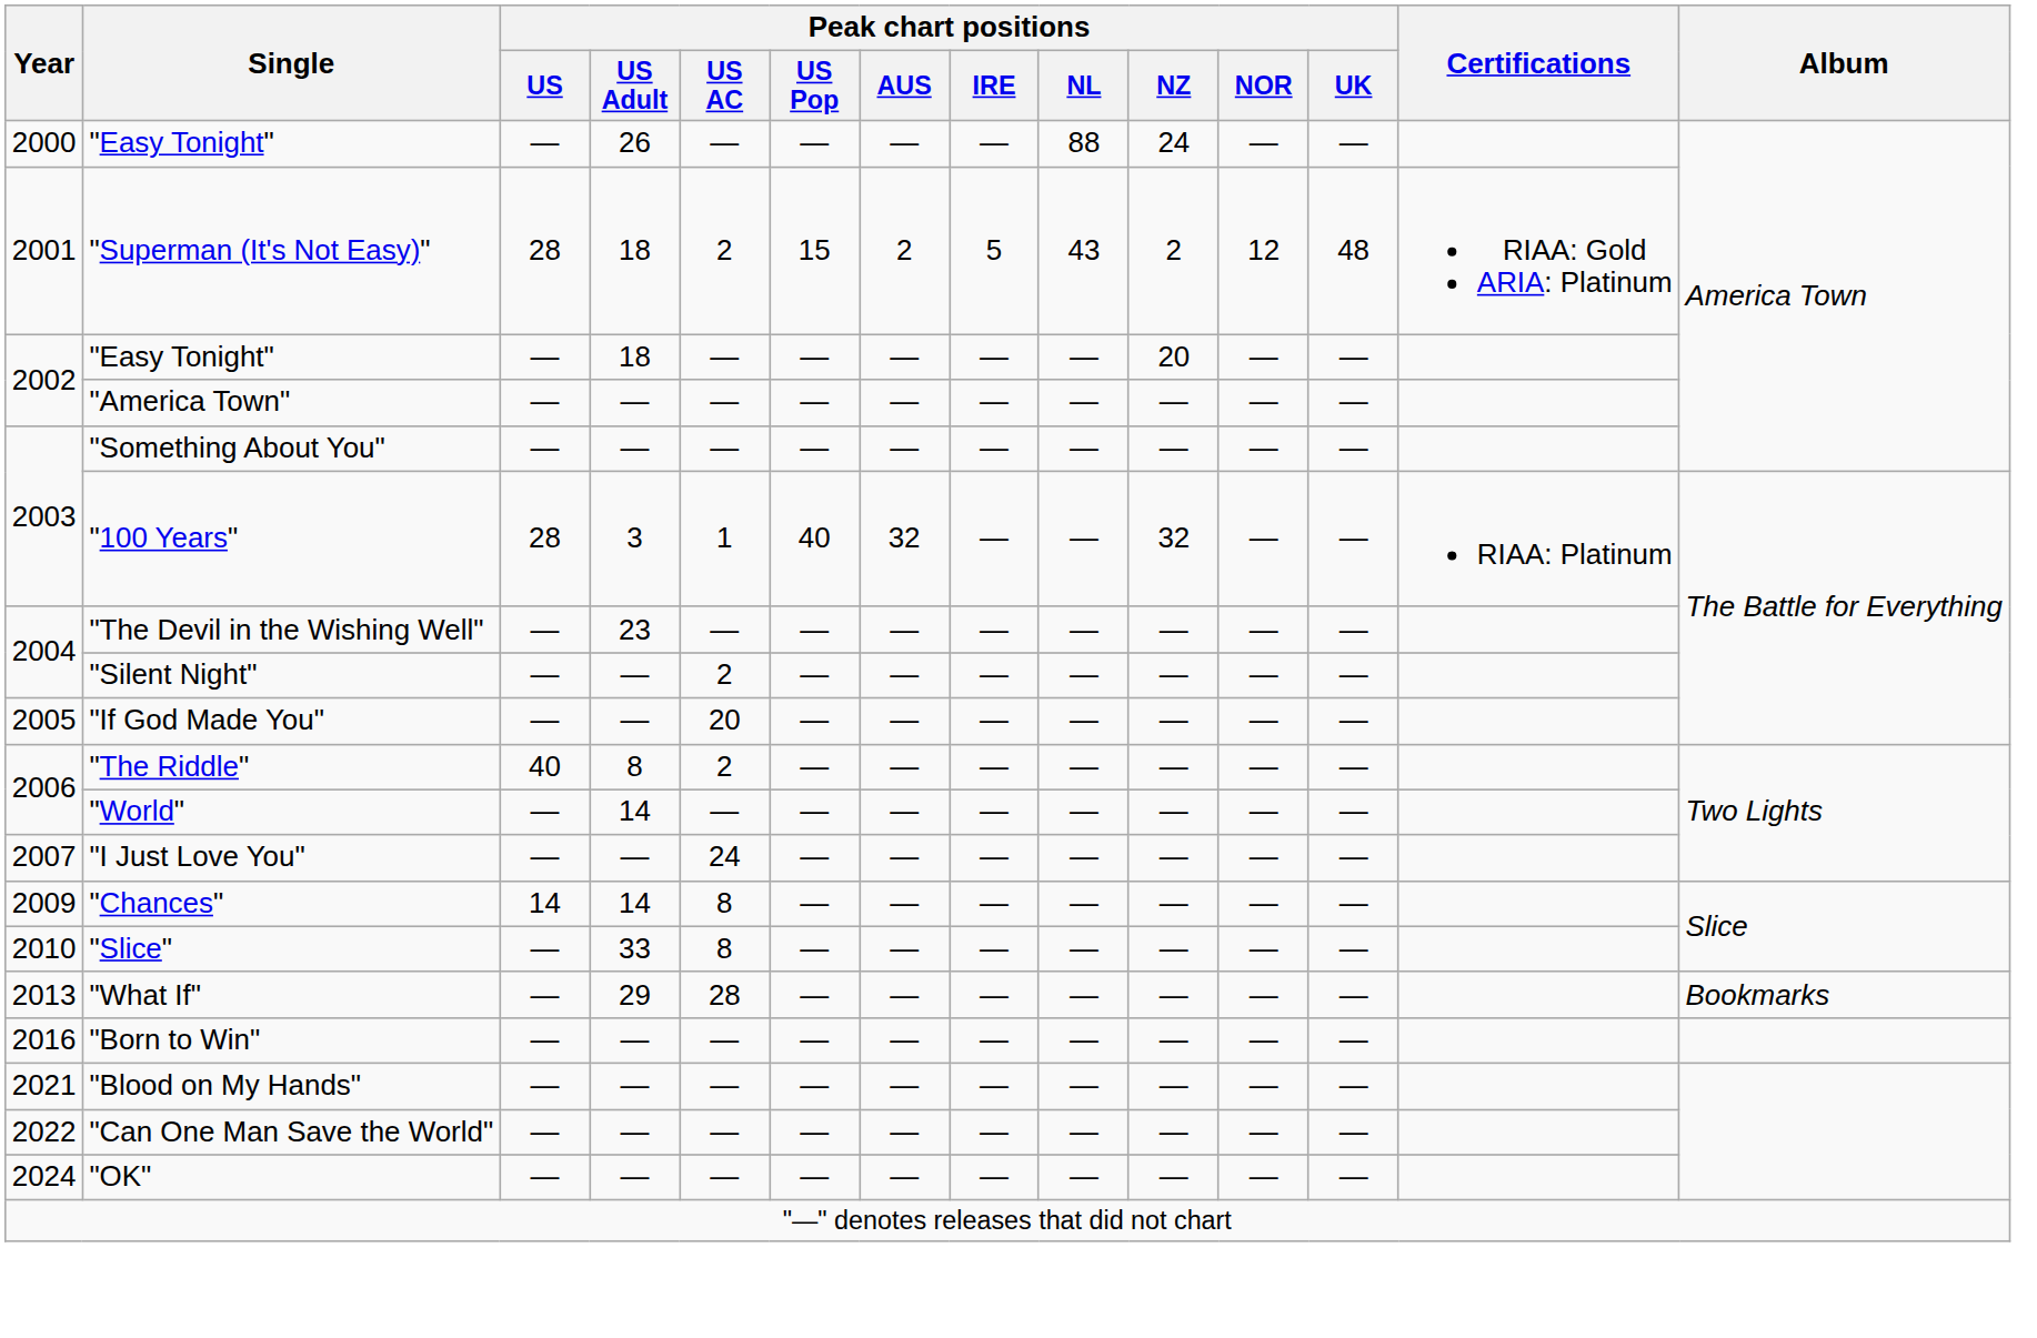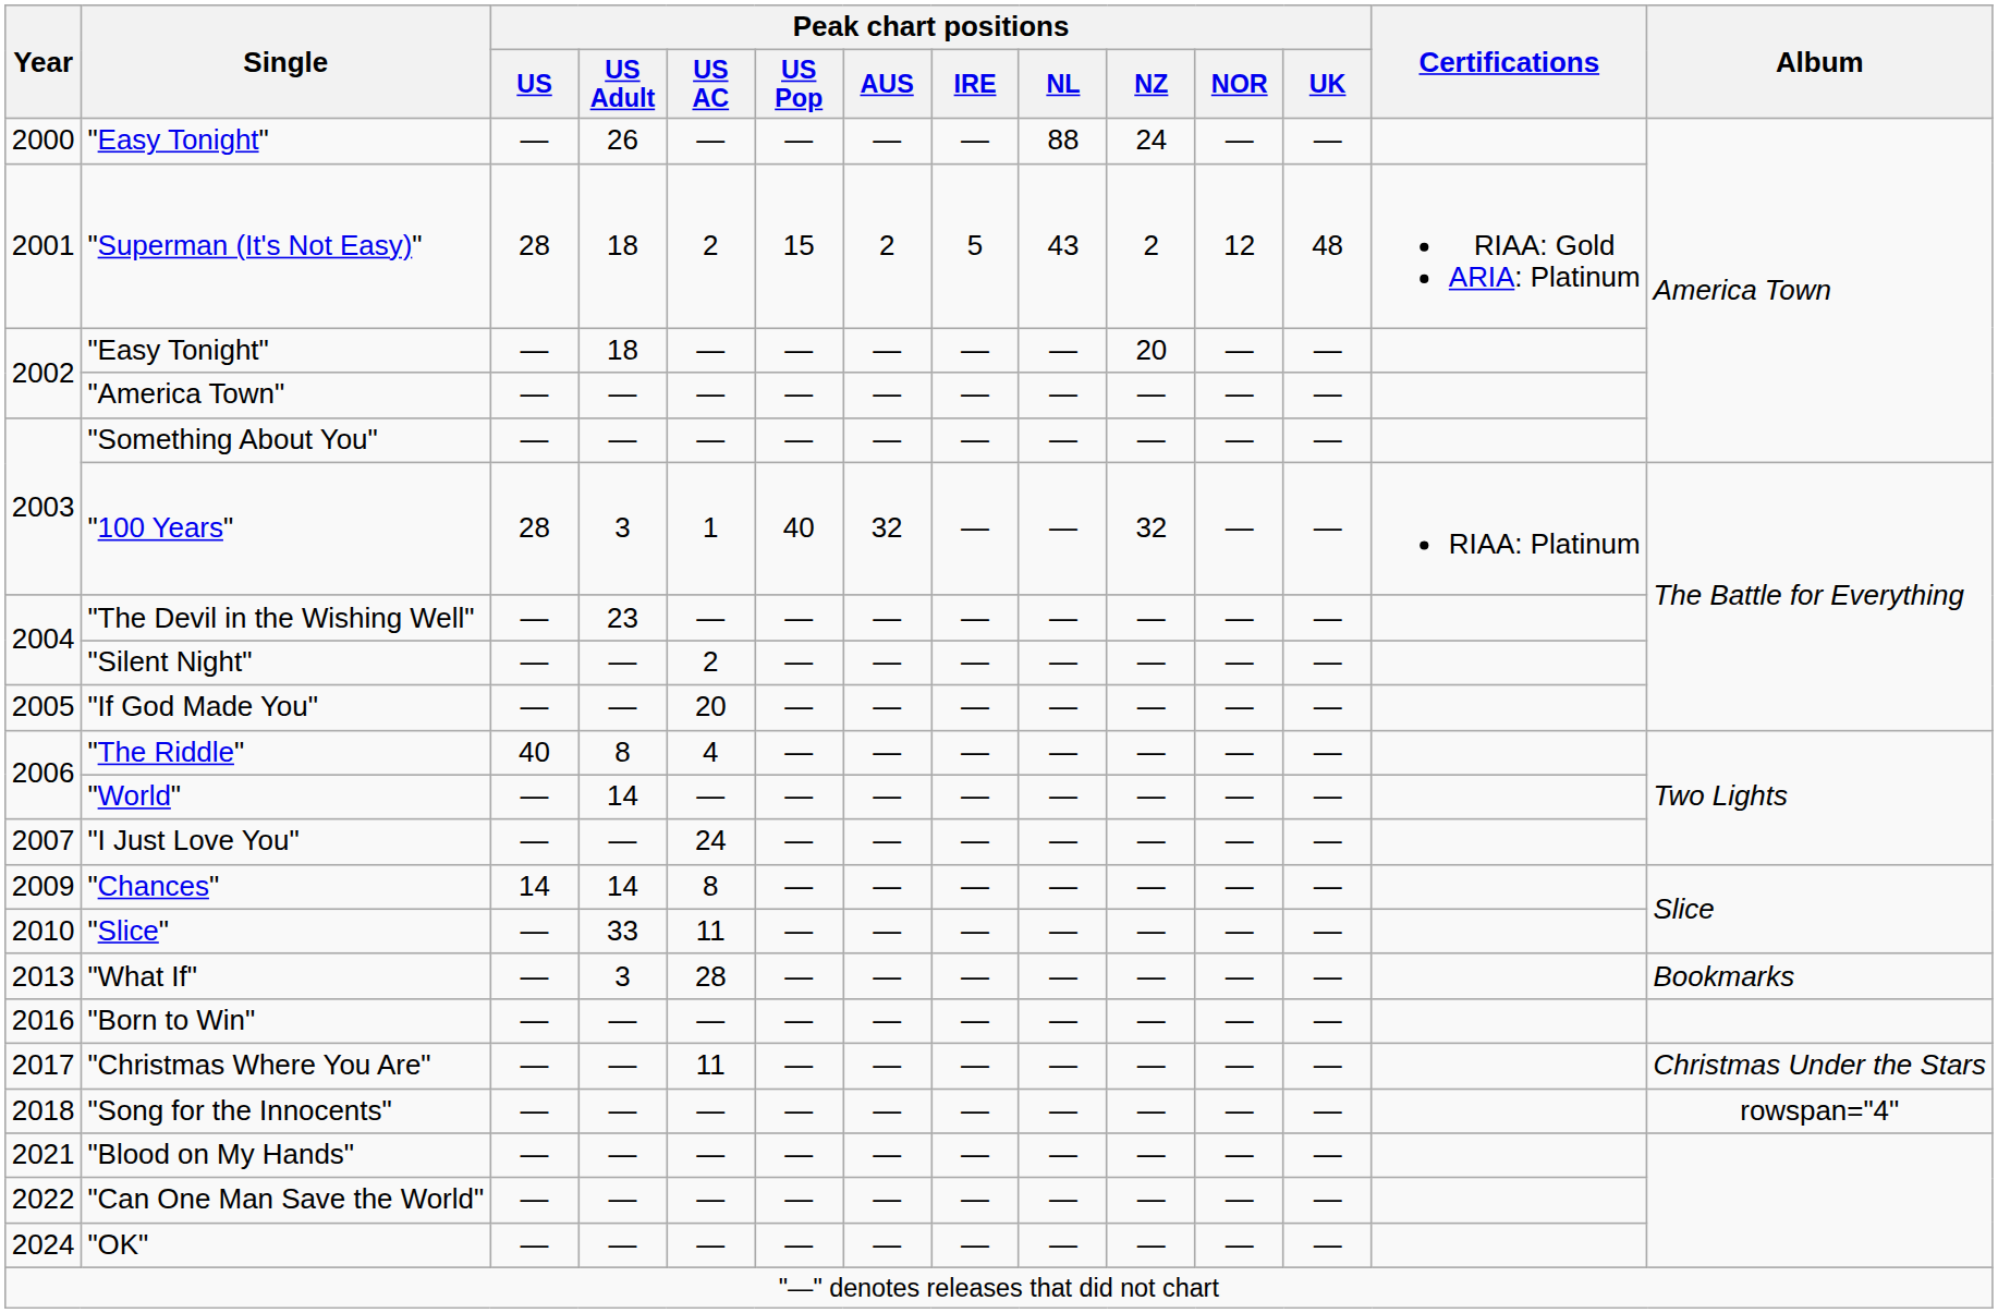 <table class="wikitable" style="text-align:center;">
 <tr>
 <th scope="col" rowspan="2">Year</th>
 <th scope="col" rowspan="2">Single</th>
 <th scope="col" colspan="10">Peak chart positions</th>
 <th scope="col" rowspan="2"><a href='#'>Certifications</a></th>
 <th scope="col" rowspan="2">Album</th>
 </tr>
 <tr>
 <th style="width:3em;font-size:90%;"><a href='#'>US</a><br></th>
 <th style="width:3em;font-size:90%;"><a href='#'>US Adult</a><br></th>
 <th style="width:3em;font-size:90%;"><a href='#'>US AC</a><br></th>
 <th style="width:3em;font-size:90%;"><a href='#'>US Pop</a><br></th>
 <th style="width:3em;font-size:90%;"><a href='#'>AUS</a><br></th>
 <th style="width:3em;font-size:90%;"><a href='#'>IRE</a><br></th>
 <th style="width:3em;font-size:90%;"><a href='#'>NL</a><br></th>
 <th style="width:3em;font-size:90%;"><a href='#'>NZ</a><br></th>
 <th style="width:3em;font-size:90%;"><a href='#'>NOR</a><br></th>
 <th style="width:3em;font-size:90%;"><a href='#'>UK</a><br></th>
 </tr>
 <tr>
 <td>2000</td>
 <td style="text-align:left;">"<a href='#'>Easy Tonight</a>"</td>
 <td>—</td>
 <td>26</td>
 <td>—</td>
 <td>—</td>
 <td>—</td>
 <td>—</td>
 <td>88</td>
 <td>24</td>
 <td>—</td>
 <td>—</td>
 <td></td>
 <td style="text-align:left;" rowspan="5"><em>America Town</em></td>
 </tr>
 <tr>
 <td>2001</td>
 <td style="text-align:left;">"<a href='#'>Superman (It's Not Easy)</a>"</td>
 <td>28</td>
 <td>18</td>
 <td>2</td>
 <td>15</td>
 <td>2</td>
 <td>5</td>
 <td>43</td>
 <td>2</td>
 <td>12</td>
 <td>48</td>
 <td><br><ul><li>RIAA: Gold</li><li><a href='#'>ARIA</a>: Platinum</li></ul></td>
 </tr>
 <tr>
 <td rowspan="2">2002</td>
 <td style="text-align:left;">"Easy Tonight" </td>
 <td>—</td>
 <td>18</td>
 <td>—</td>
 <td>—</td>
 <td>—</td>
 <td>—</td>
 <td>—</td>
 <td>20</td>
 <td>—</td>
 <td>—</td>
 <td></td>
 </tr>
 <tr>
 <td style="text-align:left;">"America Town"</td>
 <td>—</td>
 <td>—</td>
 <td>—</td>
 <td>—</td>
 <td>—</td>
 <td>—</td>
 <td>—</td>
 <td>—</td>
 <td>—</td>
 <td>—</td>
 <td></td>
 </tr>
 <tr>
 <td rowspan="2">2003</td>
 <td style="text-align:left;">"Something About You"</td>
 <td>—</td>
 <td>—</td>
 <td>—</td>
 <td>—</td>
 <td>—</td>
 <td>—</td>
 <td>—</td>
 <td>—</td>
 <td>—</td>
 <td>—</td>
 <td></td>
 </tr>
 <tr>
 <td style="text-align:left;">"<a href='#'>100 Years</a>"</td>
 <td>28</td>
 <td>3</td>
 <td>1</td>
 <td>40</td>
 <td>32</td>
 <td>—</td>
 <td>—</td>
 <td>32</td>
 <td>—</td>
 <td>—</td>
 <td><br><ul><li>RIAA: Platinum</li></ul></td>
 <td style="text-align:left;" rowspan="4"><em>The Battle for Everything</em></td>
 </tr>
 <tr>
 <td rowspan="2">2004</td>
 <td style="text-align:left;">"The Devil in the Wishing Well"</td>
 <td>—</td>
 <td>23</td>
 <td>—</td>
 <td>—</td>
 <td>—</td>
 <td>—</td>
 <td>—</td>
 <td>—</td>
 <td>—</td>
 <td>—</td>
 <td></td>
 </tr>
 <tr>
 <td style="text-align:left;">"Silent Night"</td>
 <td>—</td>
 <td>—</td>
 <td>2</td>
 <td>—</td>
 <td>—</td>
 <td>—</td>
 <td>—</td>
 <td>—</td>
 <td>—</td>
 <td>—</td>
 <td></td>
 </tr>
 <tr>
 <td>2005</td>
 <td style="text-align:left;">"If God Made You"</td>
 <td>—</td>
 <td>—</td>
 <td>20</td>
 <td>—</td>
 <td>—</td>
 <td>—</td>
 <td>—</td>
 <td>—</td>
 <td>—</td>
 <td>—</td>
 <td></td>
 </tr>
 <tr>
 <td rowspan="2">2006</td>
 <td style="text-align:left;">"<a href='#'>The Riddle</a>"</td>
 <td>40</td>
 <td>8</td>
-<td>2</td>
+<td>4</td>
 <td>—</td>
 <td>—</td>
 <td>—</td>
 <td>—</td>
 <td>—</td>
 <td>—</td>
 <td>—</td>
 <td></td>
 <td style="text-align:left;" rowspan="3"><em>Two Lights</em></td>
 </tr>
 <tr>
 <td style="text-align:left;">"<a href='#'>World</a>"</td>
 <td>—</td>
 <td>14</td>
 <td>—</td>
 <td>—</td>
 <td>—</td>
 <td>—</td>
 <td>—</td>
 <td>—</td>
 <td>—</td>
 <td>—</td>
 <td></td>
 </tr>
 <tr>
 <td>2007</td>
 <td style="text-align:left;">"I Just Love You"</td>
 <td>—</td>
 <td>—</td>
 <td>24</td>
 <td>—</td>
 <td>—</td>
 <td>—</td>
 <td>—</td>
 <td>—</td>
 <td>—</td>
 <td>—</td>
 <td></td>
 </tr>
 <tr>
 <td>2009</td>
 <td style="text-align:left;">"<a href='#'>Chances</a>"</td>
 <td>14</td>
 <td>14</td>
 <td>8</td>
 <td>—</td>
 <td>—</td>
 <td>—</td>
 <td>—</td>
 <td>—</td>
 <td>—</td>
 <td>—</td>
 <td></td>
 <td style="text-align:left;" rowspan="2"><em>Slice</em></td>
 </tr>
 <tr>
 <td>2010</td>
 <td style="text-align:left;">"<a href='#'>Slice</a>"</td>
 <td>—</td>
 <td>33</td>
-<td>8</td>
+<td>11</td>
 <td>—</td>
 <td>—</td>
 <td>—</td>
 <td>—</td>
 <td>—</td>
 <td>—</td>
 <td>—</td>
 <td></td>
 </tr>
 <tr>
 <td>2013</td>
 <td style="text-align:left;">"What If"</td>
 <td>—</td>
-<td>29</td>
+<td>3</td>
 <td>28</td>
 <td>—</td>
 <td>—</td>
 <td>—</td>
 <td>—</td>
 <td>—</td>
 <td>—</td>
 <td>—</td>
 <td></td>
 <td style="text-align:left;"><em>Bookmarks</em></td>
 </tr>
 <tr>
 <td>2016</td>
 <td style="text-align:left;">"Born to Win"</td>
 <td>—</td>
 <td>—</td>
 <td>—</td>
 <td>—</td>
 <td>—</td>
 <td>—</td>
 <td>—</td>
 <td>—</td>
 <td>—</td>
 <td>—</td>
 <td></td>
 <td></td>
+</tr>
+<tr>
+<td>2017</td>
+<td style="text-align:left;">"Christmas Where You Are"<br></td>
+<td>—</td>
+<td>—</td>
+<td>11</td>
+<td>—</td>
+<td>—</td>
+<td>—</td>
+<td>—</td>
+<td>—</td>
+<td>—</td>
+<td>—</td>
+<td></td>
+<td><em>Christmas Under the Stars</em></td>
+</tr>
+<tr>
+<td>2018</td>
+<td style="text-align:left;">"Song for the Innocents"</td>
+<td>—</td>
+<td>—</td>
+<td>—</td>
+<td>—</td>
+<td>—</td>
+<td>—</td>
+<td>—</td>
+<td>—</td>
+<td>—</td>
+<td>—</td>
+<td></td>
+<td>rowspan="4" </td>
 </tr>
 <tr>
 <td>2021</td>
 <td style="text-align:left;">"Blood on My Hands"</td>
 <td>—</td>
 <td>—</td>
 <td>—</td>
 <td>—</td>
 <td>—</td>
 <td>—</td>
 <td>—</td>
 <td>—</td>
 <td>—</td>
 <td>—</td>
 <td></td>
 </tr>
 <tr>
 <td>2022</td>
 <td style="text-align:left;">"Can One Man Save the World"</td>
 <td>—</td>
 <td>—</td>
 <td>—</td>
 <td>—</td>
 <td>—</td>
 <td>—</td>
 <td>—</td>
 <td>—</td>
 <td>—</td>
 <td>—</td>
 <td></td>
 </tr>
 <tr>
 <td>2024</td>
 <td style="text-align:left;">"OK"</td>
 <td>—</td>
 <td>—</td>
 <td>—</td>
 <td>—</td>
 <td>—</td>
 <td>—</td>
 <td>—</td>
 <td>—</td>
 <td>—</td>
 <td>—</td>
 <td></td>
 </tr>
 <tr>
 <td colspan="14" style="font-size:90%">"—" denotes releases that did not chart</td>
 </tr>
 </table>
